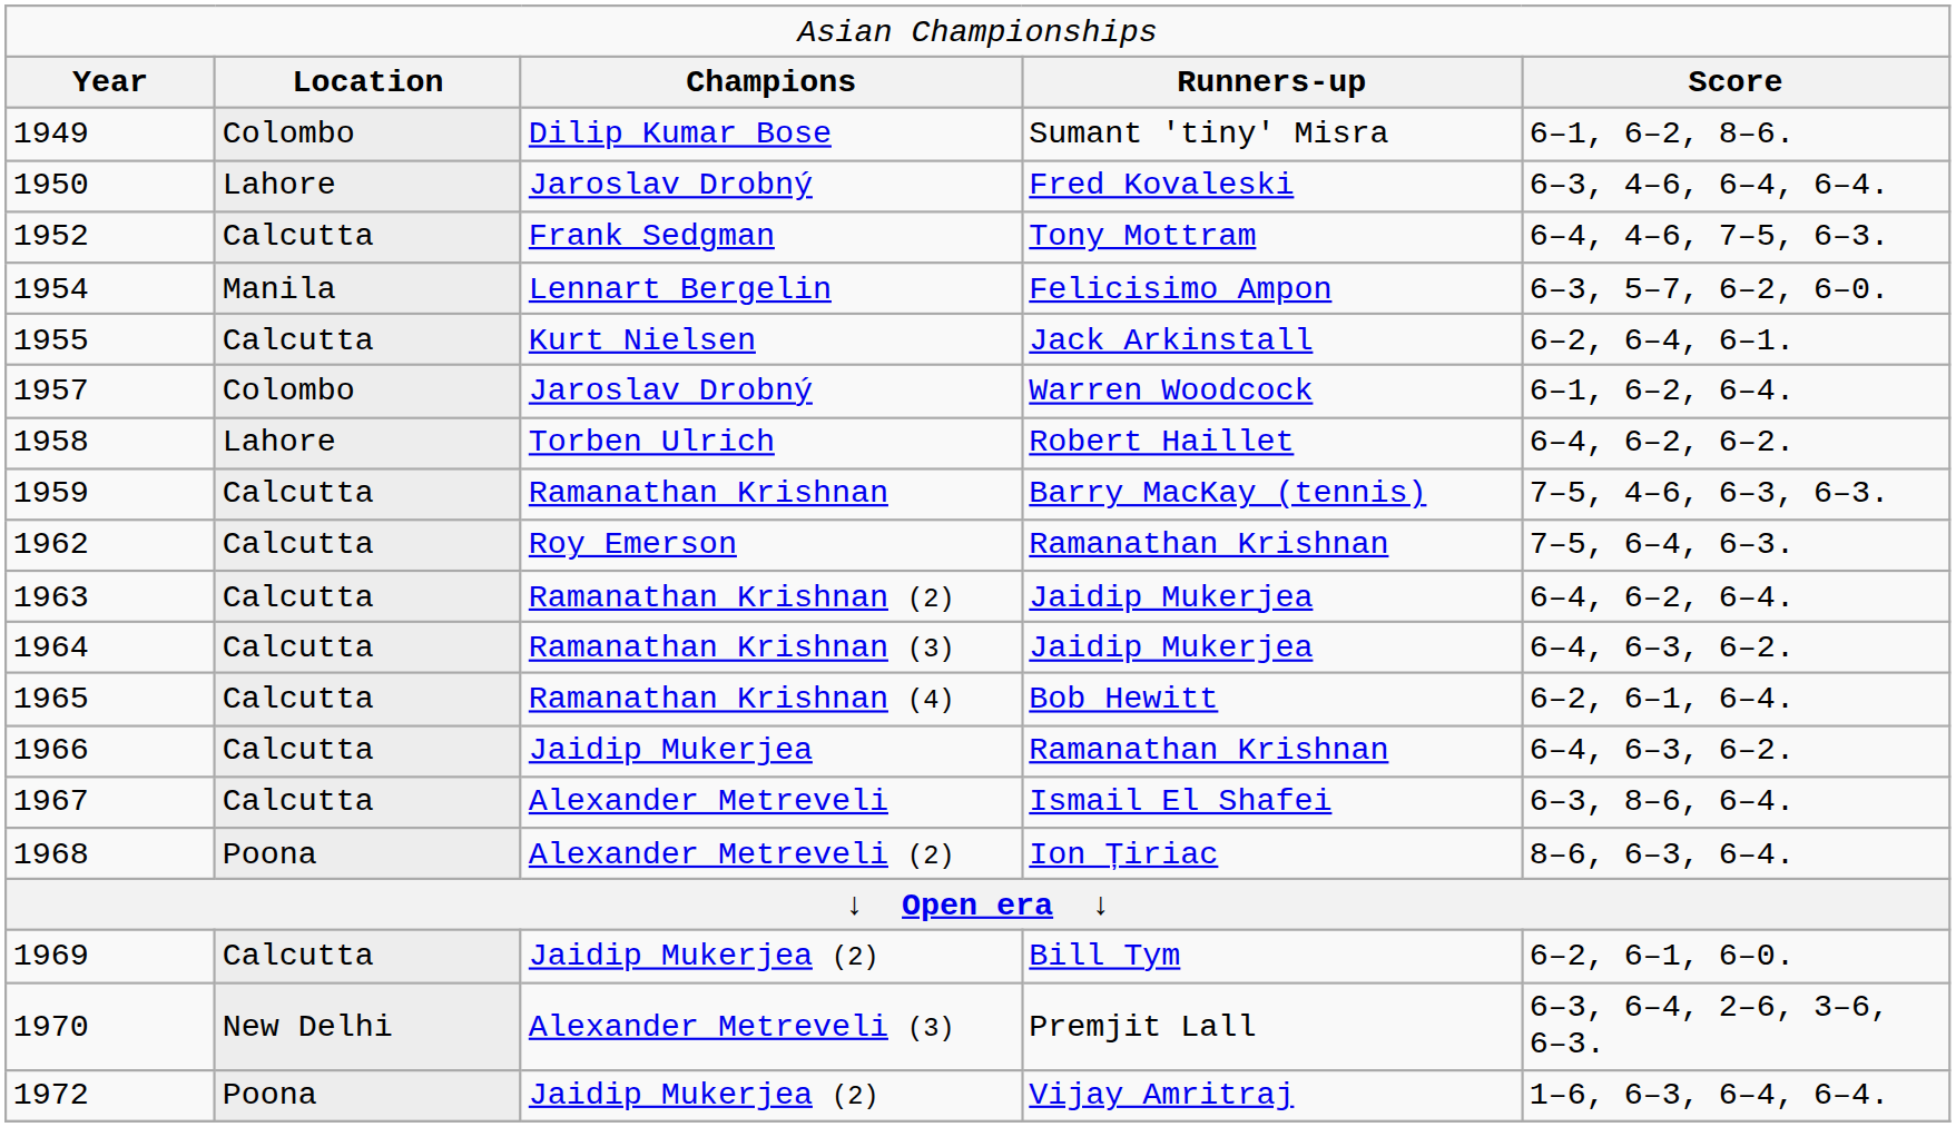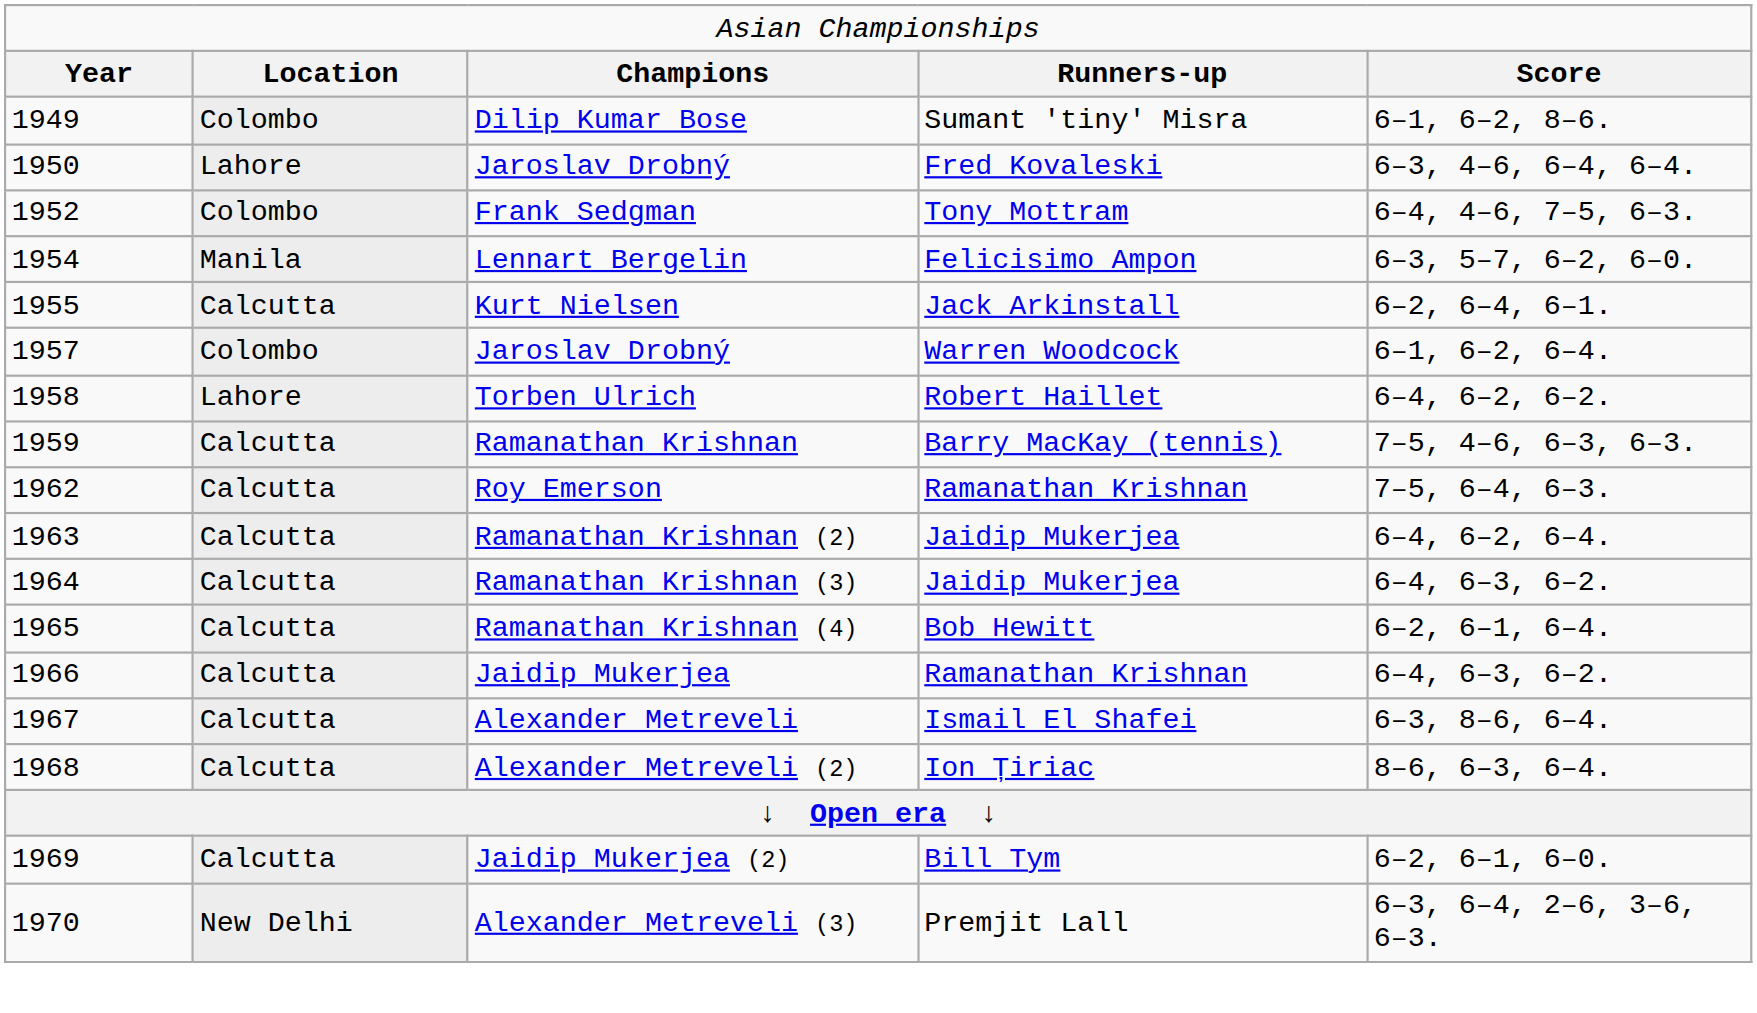 <table class="wikitable">
 <tr>
 <td colspan=5 align=center><em>Asian Championships</em></td>
 </tr>
 <tr>
 <th style="width:80px">Year</th>
 <th style="width:120px">Location</th>
 <th style="width:200px">Champions</th>
 <th style="width:200px">Runners-up</th>
 <th style="width:170px" class="unsortable">Score</th>
 </tr>
 <tr>
 <td>1949</td>
 <td style="background:#ededed">Colombo</td>
 <td> <a href='#'>Dilip Kumar Bose</a></td>
 <td> Sumant 'tiny' Misra</td>
 <td>6–1, 6–2, 8–6.</td>
 </tr>
 <tr>
 <td>1950</td>
 <td style="background:#ededed">Lahore</td>
 <td> <a href='#'>Jaroslav Drobný</a></td>
 <td> <a href='#'>Fred Kovaleski</a></td>
 <td>6–3, 4–6, 6–4, 6–4.</td>
 </tr>
 <tr>
 <td>1952</td>
-<td style="background:#ededed">Calcutta</td>
+<td style="background:#ededed">Colombo</td>
 <td> <a href='#'>Frank Sedgman</a></td>
 <td> <a href='#'>Tony Mottram</a></td>
 <td>6–4, 4–6, 7–5, 6–3.</td>
 </tr>
 <tr>
 <td>1954</td>
 <td style="background:#ededed">Manila</td>
 <td> <a href='#'>Lennart Bergelin</a></td>
 <td> <a href='#'>Felicisimo Ampon</a></td>
 <td>6–3, 5–7, 6–2, 6–0.</td>
 </tr>
 <tr>
 <td>1955</td>
 <td style="background:#ededed">Calcutta</td>
 <td> <a href='#'>Kurt Nielsen</a></td>
 <td> <a href='#'>Jack Arkinstall</a></td>
 <td>6–2, 6–4, 6–1.</td>
 </tr>
 <tr>
 <td>1957</td>
 <td style="background:#ededed">Colombo</td>
 <td> <a href='#'>Jaroslav Drobný</a></td>
 <td> <a href='#'>Warren Woodcock</a></td>
 <td>6–1, 6–2, 6–4.</td>
 </tr>
 <tr>
 <td>1958</td>
 <td style="background:#ededed">Lahore</td>
 <td> <a href='#'>Torben Ulrich</a></td>
 <td> <a href='#'>Robert Haillet</a></td>
 <td>6–4, 6–2, 6–2.</td>
 </tr>
 <tr>
 <td>1959</td>
 <td style="background:#ededed">Calcutta</td>
 <td> <a href='#'>Ramanathan Krishnan</a></td>
 <td> <a href='#'>Barry MacKay (tennis)</a></td>
 <td>7–5, 4–6, 6–3, 6–3.</td>
 </tr>
 <tr>
 <td>1962</td>
 <td style="background:#ededed">Calcutta</td>
 <td> <a href='#'>Roy Emerson</a></td>
 <td> <a href='#'>Ramanathan Krishnan</a></td>
 <td>7–5, 6–4, 6–3.</td>
 </tr>
 <tr>
 <td>1963</td>
 <td style="background:#ededed">Calcutta</td>
 <td> <a href='#'>Ramanathan Krishnan</a> <small>(2)</small></td>
 <td> <a href='#'>Jaidip Mukerjea</a></td>
 <td>6–4, 6–2, 6–4.</td>
 </tr>
 <tr>
 <td>1964</td>
 <td style="background:#ededed">Calcutta</td>
 <td> <a href='#'>Ramanathan Krishnan</a> <small>(3)</small></td>
 <td> <a href='#'>Jaidip Mukerjea</a></td>
 <td>6–4, 6–3, 6–2.</td>
 </tr>
 <tr>
 <td>1965</td>
 <td style="background:#ededed">Calcutta</td>
 <td> <a href='#'>Ramanathan Krishnan</a> <small>(4)</small></td>
 <td> <a href='#'>Bob Hewitt</a></td>
 <td>6–2, 6–1, 6–4.</td>
 </tr>
 <tr>
 <td>1966</td>
 <td style="background:#ededed">Calcutta</td>
 <td> <a href='#'>Jaidip Mukerjea</a></td>
 <td> <a href='#'>Ramanathan Krishnan</a></td>
 <td>6–4, 6–3, 6–2.</td>
 </tr>
 <tr>
 <td>1967</td>
 <td style="background:#ededed">Calcutta</td>
 <td> <a href='#'>Alexander Metreveli</a></td>
 <td> <a href='#'>Ismail El Shafei</a></td>
 <td>6–3, 8–6, 6–4.</td>
 </tr>
 <tr>
 <td>1968</td>
-<td style="background:#ededed">Poona</td>
+<td style="background:#ededed">Calcutta</td>
 <td> <a href='#'>Alexander Metreveli</a> <small>(2)</small></td>
 <td> <a href='#'>Ion Țiriac</a></td>
 <td>8–6, 6–3, 6–4.</td>
 </tr>
 <tr>
 <th colspan=5 align=center>↓  <a href='#'>Open era</a>  ↓</th>
 </tr>
 <tr>
 <td>1969</td>
 <td style="background:#ededed">Calcutta</td>
 <td> <a href='#'>Jaidip Mukerjea</a> <small>(2)</small></td>
 <td> <a href='#'>Bill Tym</a></td>
 <td>6–2, 6–1, 6–0.</td>
 </tr>
 <tr>
 <td>1970</td>
 <td style="background:#ededed">New Delhi</td>
 <td> <a href='#'>Alexander Metreveli</a> <small>(3)</small></td>
 <td> Premjit Lall</td>
 <td>6–3, 6–4, 2–6, 3–6, 6–3.</td>
 </tr>
 <tr>
-<td>1972</td>
-<td style="background:#ededed">Poona</td>
-<td> <a href='#'>Jaidip Mukerjea</a> <small>(2)</small></td>
-<td> <a href='#'>Vijay Amritraj</a></td>
-<td>1–6, 6–3, 6–4, 6–4.</td>
-</tr>
-<tr>
 </tr>
 </table>
